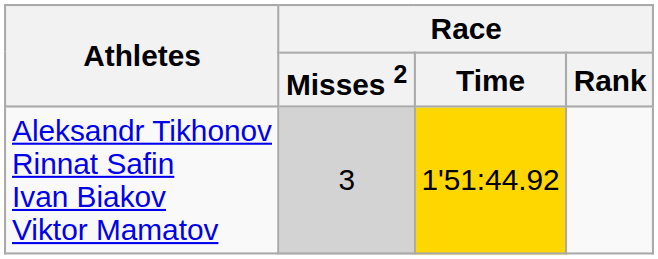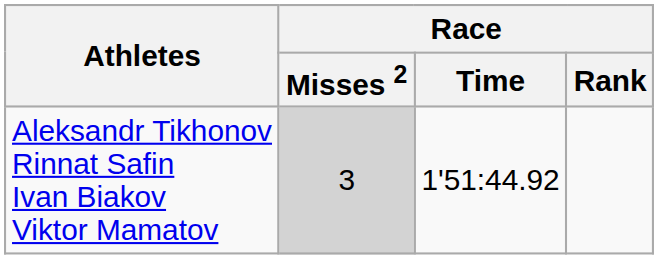 <table class="wikitable" border="1" style="font-size:90%">
 <tr>
 <th rowspan=2>Athletes</th>
 <th colspan=3>Race</th>
 </tr>
 <tr>
 <th>Misses <sup>2</sup></th>
 <th>Time</th>
 <th>Rank</th>
 </tr>
 <tr>
 <td><a href='#'>Aleksandr Tikhonov</a><br><a href='#'>Rinnat Safin</a><br><a href='#'>Ivan Biakov</a><br><a href='#'>Viktor Mamatov</a></td>
 <td align=center style="background: lightgrey;">3</td>
-<td align=center style="background: gold;">1'51:44.92</td>
+<td align=center>1'51:44.92</td>
 <td align=center></td>
 </tr>
 </table>
